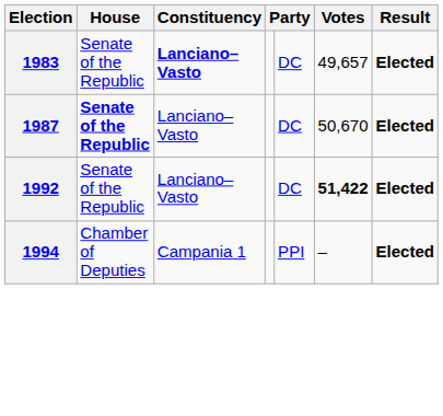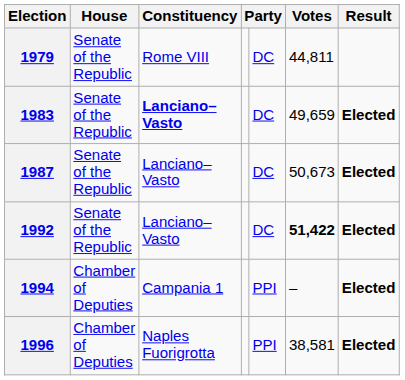 <table class=wikitable style="width:55%; border:1px #AAAAFF solid">
 <tr>
 <th width=12%>Election</th>
 <th width=25%>House</th>
 <th width=30%>Constituency</th>
 <th width=5% colspan="2">Party</th>
 <th width=12%>Votes</th>
 <th width=12%>Result</th>
 </tr>
 <tr>
+<th><a href='#'>1979</a></th>
+<td><a href='#'>Senate of the Republic</a></td>
+<td><a href='#'>Rome VIII</a></td>
+<td></td>
+<td><a href='#'>DC</a></td>
+<td>44,811</td>
+<td></td>
+</tr>
+<tr>
 <th><a href='#'>1983</a></th>
 <td><a href='#'>Senate of the Republic</a></td>
 <td><strong><a href='#'>Lanciano–Vasto</a></strong></td>
 <td></td>
 <td><a href='#'>DC</a></td>
-<td>49,657</td>
+<td>49,659</td>
 <td> <strong>Elected</strong></td>
 </tr>
 <tr>
 <th><a href='#'>1987</a></th>
-<td><strong><a href='#'>Senate of the Republic</a></strong></td>
+<td><a href='#'>Senate of the Republic</a></td>
 <td><a href='#'>Lanciano–Vasto</a></td>
 <td></td>
 <td><a href='#'>DC</a></td>
-<td>50,670</td>
+<td>50,673</td>
 <td> <strong>Elected</strong></td>
 </tr>
 <tr>
 <th><a href='#'>1992</a></th>
 <td><a href='#'>Senate of the Republic</a></td>
 <td><a href='#'>Lanciano–Vasto</a></td>
 <td></td>
 <td><a href='#'>DC</a></td>
 <td><strong>51,422</strong></td>
 <td> <strong>Elected</strong></td>
 </tr>
 <tr>
 <th><a href='#'>1994</a></th>
 <td><a href='#'>Chamber of Deputies</a></td>
 <td><a href='#'>Campania 1</a></td>
 <td></td>
 <td><a href='#'>PPI</a></td>
 <td>–</td>
 <td> <strong>Elected</strong></td>
 </tr>
+<tr>
+<th><a href='#'>1996</a></th>
+<td><a href='#'>Chamber of Deputies</a></td>
+<td><a href='#'>Naples Fuorigrotta</a></td>
+<td></td>
+<td><a href='#'>PPI</a></td>
+<td>38,581</td>
+<td> <strong>Elected</strong></td>
+</tr>
 </table>
